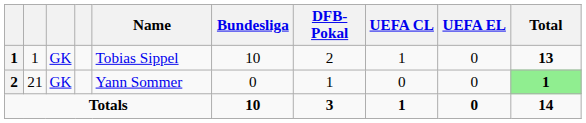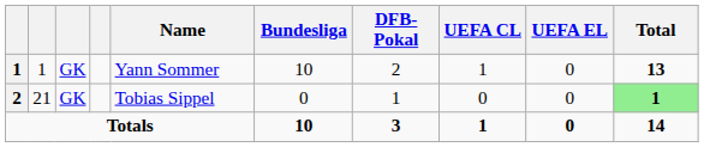 <table class="wikitable" style="text-align:center">
 <tr>
 <th width=15></th>
 <th width=15></th>
 <th width=15></th>
 <th width=15></th>
 <th width=145>Name</th>
 <th width=80><a href='#'>Bundesliga</a></th>
 <th width=80><a href='#'>DFB-Pokal</a></th>
 <th width=80><a href='#'>UEFA CL</a></th>
 <th width=80><a href='#'>UEFA EL</a></th>
 <th width=80>Total</th>
 </tr>
 <tr>
 <th>1</th>
 <td>1</td>
 <td><a href='#'>GK</a></td>
 <td></td>
-<td align=left><a href='#'>Tobias Sippel</a></td>
+<td align=left><a href='#'>Yann Sommer</a></td>
 <td>10</td>
 <td>2</td>
 <td>1</td>
 <td>0</td>
 <td><strong>13</strong></td>
 </tr>
 <tr>
 <th>2</th>
 <td>21</td>
 <td><a href='#'>GK</a></td>
 <td></td>
-<td align=left><a href='#'>Yann Sommer</a></td>
+<td align=left><a href='#'>Tobias Sippel</a></td>
 <td>0</td>
 <td>1</td>
 <td>0</td>
 <td>0</td>
 <td style="background: lightgreen;"><strong>1</strong></td>
 </tr>
 <tr>
 <td colspan=5><strong>Totals</strong></td>
 <td><strong>10</strong></td>
 <td><strong>3</strong></td>
 <td><strong>1</strong></td>
 <td><strong>0</strong></td>
 <td><strong>14</strong></td>
 </tr>
 </table>
